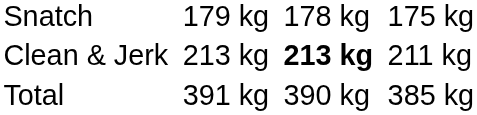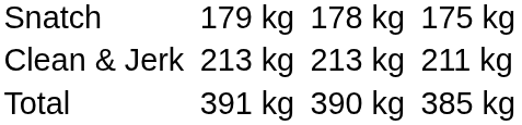 <table>
 <tr>
 <td>Snatch</td>
 <td></td>
 <td>179 kg</td>
 <td></td>
 <td>178 kg</td>
 <td></td>
 <td>175 kg</td>
 </tr>
 <tr>
 <td>Clean & Jerk</td>
 <td></td>
 <td>213 kg</td>
 <td></td>
-<td><strong>213 kg</strong></td>
+<td>213 kg</td>
 <td></td>
 <td>211 kg</td>
 </tr>
 <tr>
 <td>Total</td>
 <td></td>
 <td>391 kg</td>
 <td></td>
 <td>390 kg</td>
 <td></td>
 <td>385 kg</td>
 </tr>
 </table>
